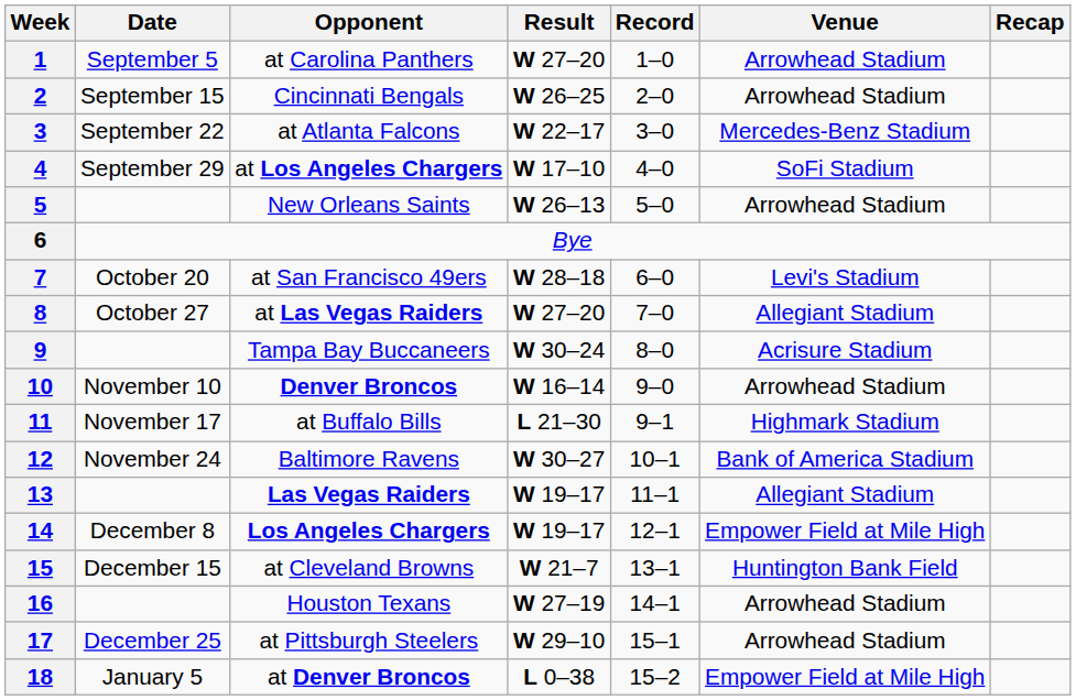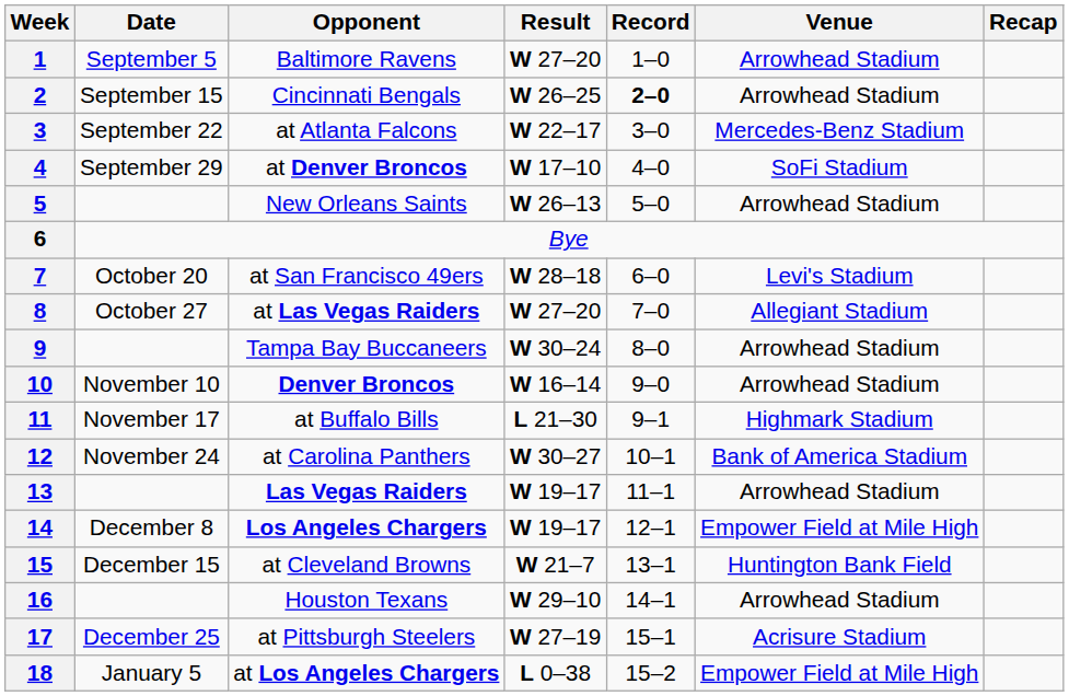 <table class="wikitable" style="text-align:center">
 <tr>
 <th>Week</th>
 <th>Date</th>
 <th>Opponent</th>
 <th>Result</th>
 <th>Record</th>
 <th>Venue</th>
 <th>Recap</th>
 </tr>
 <tr>
 <th><a href='#'>1</a></th>
 <td><a href='#'>September 5</a></td>
-<td>at <a href='#'>Carolina Panthers</a></td>
+<td><a href='#'>Baltimore Ravens</a></td>
 <td><strong>W</strong> 27–20</td>
 <td>1–0</td>
 <td><a href='#'>Arrowhead Stadium</a></td>
 <td></td>
 </tr>
 <tr>
 <th><a href='#'>2</a></th>
 <td>September 15</td>
 <td><a href='#'>Cincinnati Bengals</a></td>
 <td><strong>W</strong> 26–25</td>
-<td>2–0</td>
+<td><strong>2–0</strong></td>
 <td>Arrowhead Stadium</td>
 <td></td>
 </tr>
 <tr>
 <th><a href='#'>3</a></th>
 <td>September 22</td>
 <td>at <a href='#'>Atlanta Falcons</a></td>
 <td><strong>W</strong> 22–17</td>
 <td>3–0</td>
 <td><a href='#'>Mercedes-Benz Stadium</a></td>
 <td></td>
 </tr>
 <tr>
 <th><a href='#'>4</a></th>
 <td>September 29</td>
-<td>at <strong><a href='#'>Los Angeles Chargers</a></strong></td>
+<td>at <strong><a href='#'>Denver Broncos</a></strong></td>
 <td><strong>W</strong> 17–10</td>
 <td>4–0</td>
 <td><a href='#'>SoFi Stadium</a></td>
 <td></td>
 </tr>
 <tr>
 <th><a href='#'>5</a></th>
 <td></td>
 <td><a href='#'>New Orleans Saints</a></td>
 <td><strong>W</strong> 26–13</td>
 <td>5–0</td>
 <td>Arrowhead Stadium</td>
 <td></td>
 </tr>
 <tr>
 <th>6</th>
 <td colspan="6"><em><a href='#'>Bye</a></em></td>
 </tr>
 <tr>
 <th><a href='#'>7</a></th>
 <td>October 20</td>
 <td>at <a href='#'>San Francisco 49ers</a></td>
 <td><strong>W</strong> 28–18</td>
 <td>6–0</td>
 <td><a href='#'>Levi's Stadium</a></td>
 <td></td>
 </tr>
 <tr>
 <th><a href='#'>8</a></th>
 <td>October 27</td>
 <td>at <strong><a href='#'>Las Vegas Raiders</a></strong></td>
 <td><strong>W</strong> 27–20</td>
 <td>7–0</td>
 <td><a href='#'>Allegiant Stadium</a></td>
 <td></td>
 </tr>
 <tr>
 <th><a href='#'>9</a></th>
 <td></td>
 <td><a href='#'>Tampa Bay Buccaneers</a></td>
 <td><strong>W</strong> 30–24 </td>
 <td>8–0</td>
-<td><a href='#'>Acrisure Stadium</a></td>
+<td>Arrowhead Stadium</td>
 <td></td>
 </tr>
 <tr>
 <th><a href='#'>10</a></th>
 <td>November 10</td>
 <td><strong><a href='#'>Denver Broncos</a></strong></td>
 <td><strong>W</strong> 16–14</td>
 <td>9–0</td>
 <td>Arrowhead Stadium</td>
 <td></td>
 </tr>
 <tr>
 <th><a href='#'>11</a></th>
 <td>November 17</td>
 <td>at <a href='#'>Buffalo Bills</a></td>
 <td><strong>L</strong> 21–30</td>
 <td>9–1</td>
 <td><a href='#'>Highmark Stadium</a></td>
 <td></td>
 </tr>
 <tr>
 <th><a href='#'>12</a></th>
 <td>November 24</td>
-<td><a href='#'>Baltimore Ravens</a></td>
+<td>at <a href='#'>Carolina Panthers</a></td>
 <td><strong>W</strong> 30–27</td>
 <td>10–1</td>
 <td><a href='#'>Bank of America Stadium</a></td>
 <td></td>
 </tr>
 <tr>
 <th><a href='#'>13</a></th>
 <td></td>
 <td><strong><a href='#'>Las Vegas Raiders</a></strong></td>
 <td><strong>W</strong> 19–17</td>
 <td>11–1</td>
-<td><a href='#'>Allegiant Stadium</a></td>
+<td>Arrowhead Stadium</td>
 <td></td>
 </tr>
 <tr>
 <th><a href='#'>14</a></th>
 <td>December 8</td>
 <td><strong><a href='#'>Los Angeles Chargers</a></strong></td>
 <td><strong>W</strong> 19–17</td>
 <td>12–1</td>
 <td><a href='#'>Empower Field at Mile High</a></td>
 <td></td>
 </tr>
 <tr>
 <th><a href='#'>15</a></th>
 <td>December 15</td>
 <td>at <a href='#'>Cleveland Browns</a></td>
 <td><strong>W</strong> 21–7</td>
 <td>13–1</td>
 <td><a href='#'>Huntington Bank Field</a></td>
 <td></td>
 </tr>
 <tr>
 <th><a href='#'>16</a></th>
 <td></td>
 <td><a href='#'>Houston Texans</a></td>
-<td><strong>W</strong> 27–19</td>
+<td><strong>W</strong> 29–10</td>
 <td>14–1</td>
 <td>Arrowhead Stadium</td>
 <td></td>
 </tr>
 <tr>
 <th><a href='#'>17</a></th>
 <td><a href='#'>December 25</a></td>
 <td>at <a href='#'>Pittsburgh Steelers</a></td>
-<td><strong>W</strong> 29–10</td>
+<td><strong>W</strong> 27–19</td>
 <td>15–1</td>
-<td>Arrowhead Stadium</td>
+<td><a href='#'>Acrisure Stadium</a></td>
 <td></td>
 </tr>
 <tr>
 <th><a href='#'>18</a></th>
 <td>January 5</td>
-<td>at <strong><a href='#'>Denver Broncos</a></strong></td>
+<td>at <strong><a href='#'>Los Angeles Chargers</a></strong></td>
 <td><strong>L</strong> 0–38</td>
 <td>15–2</td>
 <td><a href='#'>Empower Field at Mile High</a></td>
 <td></td>
 </tr>
 </table>
